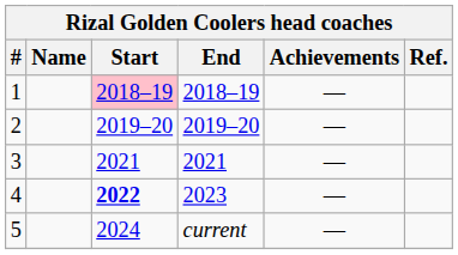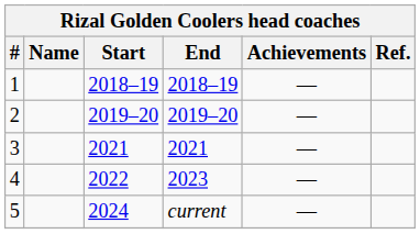 <table class="wikitable sortable">
 <tr>
 <th colspan="6">Rizal Golden Coolers head coaches</th>
 </tr>
 <tr>
 <th>#</th>
 <th>Name</th>
 <th>Start</th>
 <th>End</th>
 <th>Achievements</th>
 <th>Ref.</th>
 </tr>
 <tr>
 <td align=center>1</td>
 <td></td>
-<td style="background: pink;"><a href='#'>2018–19</a></td>
+<td><a href='#'>2018–19</a></td>
 <td><a href='#'>2018–19</a></td>
 <td align=center>—</td>
 <td></td>
 </tr>
 <tr>
 <td align=center>2</td>
 <td></td>
 <td><a href='#'>2019–20</a></td>
 <td><a href='#'>2019–20</a></td>
 <td align=center>—</td>
 <td></td>
 </tr>
 <tr>
 <td align=center>3</td>
 <td></td>
 <td><a href='#'>2021</a></td>
 <td><a href='#'>2021</a></td>
 <td align=center>—</td>
 <td></td>
 </tr>
 <tr>
 <td align=center>4</td>
 <td></td>
-<td><strong><a href='#'>2022</a></strong></td>
+<td><a href='#'>2022</a></td>
 <td><a href='#'>2023</a></td>
 <td align=center>—</td>
 <td></td>
 </tr>
 <tr>
 <td align=center>5</td>
 <td></td>
 <td><a href='#'>2024</a></td>
 <td><em>current</em></td>
 <td align=center>—</td>
 <td></td>
 </tr>
 <tr>
 </tr>
 </table>
